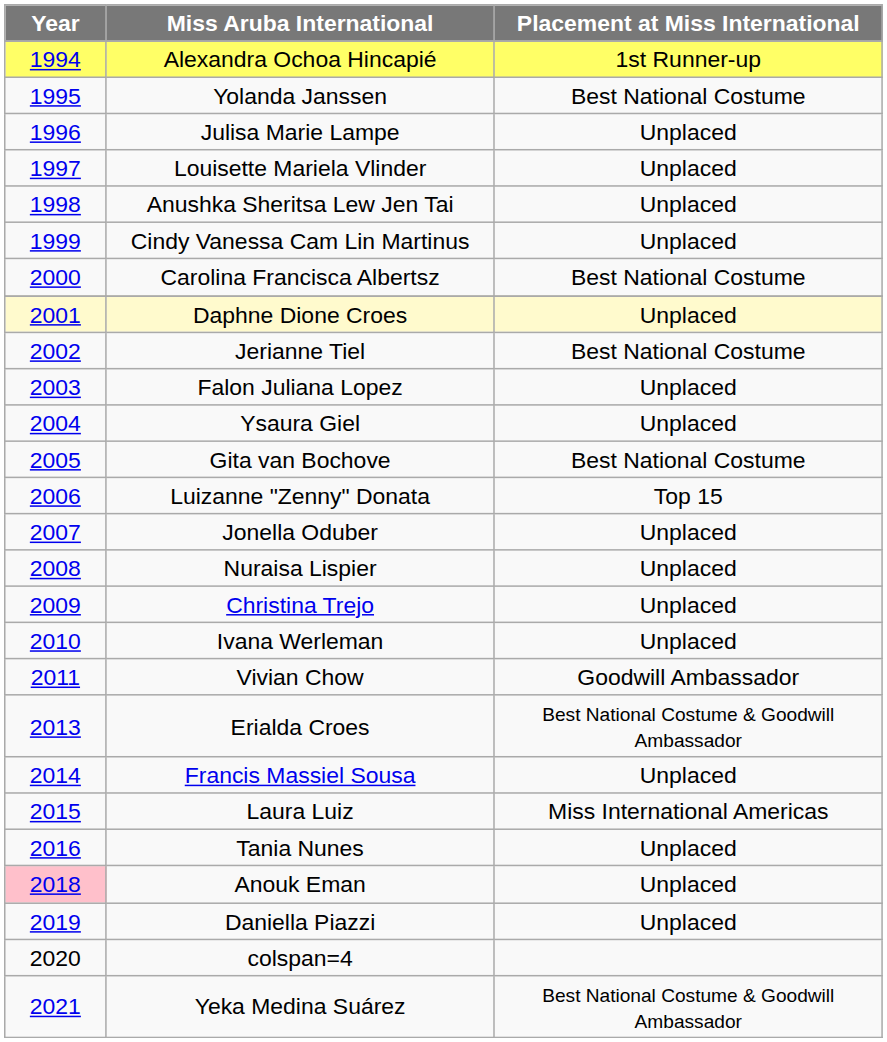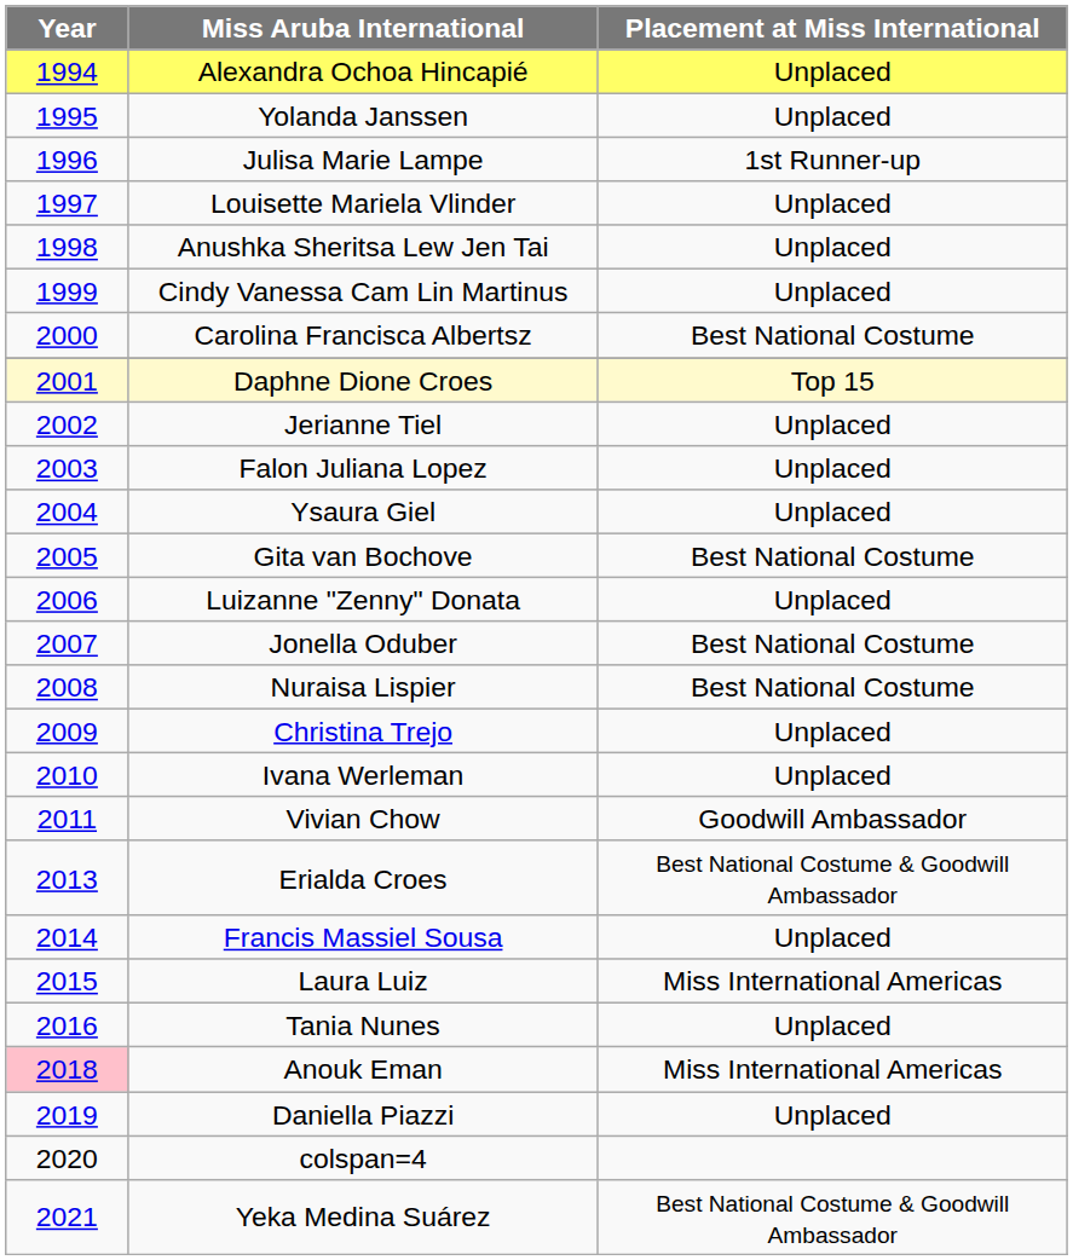 <table class="wikitable sortable" style="font-size: 95%; text-align:center">
 <tr>
 <th width="60" style="background-color:#787878;color:#FFFFFF;">Year</th>
 <th width="250" style="background-color:#787878;color:#FFFFFF;">Miss Aruba International</th>
 <th width="250" style="background-color:#787878;color:#FFFFFF;">Placement at Miss International</th>
 </tr>
 <tr>
 </tr>
 <tr style="background-color:#FFFF66;">
 <td><a href='#'>1994</a></td>
 <td>Alexandra Ochoa Hincapié</td>
-<td>1st Runner-up</td>
+<td>Unplaced</td>
 </tr>
 <tr>
 <td><a href='#'>1995</a></td>
 <td>Yolanda Janssen</td>
-<td>Best National Costume</td>
+<td>Unplaced</td>
 </tr>
 <tr>
 <td><a href='#'>1996</a></td>
 <td>Julisa Marie Lampe</td>
-<td>Unplaced</td>
+<td>1st Runner-up</td>
 </tr>
 <tr>
 <td><a href='#'>1997</a></td>
 <td>Louisette Mariela Vlinder</td>
 <td>Unplaced</td>
 </tr>
 <tr>
 <td><a href='#'>1998</a></td>
 <td>Anushka Sheritsa Lew Jen Tai</td>
 <td>Unplaced</td>
 </tr>
 <tr>
 <td><a href='#'>1999</a></td>
 <td>Cindy Vanessa Cam Lin Martinus</td>
 <td>Unplaced</td>
 </tr>
 <tr>
 <td><a href='#'>2000</a></td>
 <td>Carolina Francisca Albertsz</td>
 <td>Best National Costume</td>
 </tr>
 <tr>
 </tr>
 <tr style="background-color:#FFFACD;">
 <td><a href='#'>2001</a></td>
 <td>Daphne Dione Croes</td>
-<td>Unplaced</td>
+<td>Top 15</td>
 </tr>
 <tr>
 <td><a href='#'>2002</a></td>
 <td>Jerianne Tiel</td>
-<td>Best National Costume</td>
+<td>Unplaced</td>
 </tr>
 <tr>
 <td><a href='#'>2003</a></td>
 <td>Falon Juliana Lopez</td>
 <td>Unplaced</td>
 </tr>
 <tr>
 <td><a href='#'>2004</a></td>
 <td>Ysaura Giel</td>
 <td>Unplaced</td>
 </tr>
 <tr>
 <td><a href='#'>2005</a></td>
 <td>Gita van Bochove</td>
 <td>Best National Costume</td>
 </tr>
 <tr>
 <td><a href='#'>2006</a></td>
 <td>Luizanne "Zenny" Donata</td>
-<td>Top 15</td>
+<td>Unplaced</td>
 </tr>
 <tr>
 <td><a href='#'>2007</a></td>
 <td>Jonella Oduber</td>
-<td>Unplaced</td>
+<td>Best National Costume</td>
 </tr>
 <tr>
 <td><a href='#'>2008</a></td>
 <td>Nuraisa Lispier</td>
-<td>Unplaced</td>
+<td>Best National Costume</td>
 </tr>
 <tr>
 <td><a href='#'>2009</a></td>
 <td><a href='#'>Christina Trejo</a></td>
 <td>Unplaced</td>
 </tr>
 <tr>
 <td><a href='#'>2010</a></td>
 <td>Ivana Werleman</td>
 <td>Unplaced</td>
 </tr>
 <tr>
 <td><a href='#'>2011</a></td>
 <td>Vivian Chow</td>
 <td>Goodwill Ambassador</td>
 </tr>
 <tr>
 <td><a href='#'>2013</a></td>
 <td>Erialda Croes</td>
 <td><small>Best National Costume & Goodwill Ambassador</small></td>
 </tr>
 <tr>
 <td><a href='#'>2014</a></td>
 <td><a href='#'>Francis Massiel Sousa</a></td>
 <td>Unplaced</td>
 </tr>
 <tr>
 <td><a href='#'>2015</a></td>
 <td>Laura Luiz</td>
 <td>Miss International Americas</td>
 </tr>
 <tr>
 <td><a href='#'>2016</a></td>
 <td>Tania Nunes</td>
 <td>Unplaced</td>
 </tr>
 <tr>
 <td style="background: pink;"><a href='#'>2018</a></td>
 <td>Anouk Eman</td>
-<td>Unplaced</td>
+<td>Miss International Americas</td>
 </tr>
 <tr>
 <td><a href='#'>2019</a></td>
 <td>Daniella Piazzi</td>
 <td>Unplaced</td>
 </tr>
 <tr>
 <td>2020</td>
 <td>colspan=4 </td>
 </tr>
 <tr>
 <td><a href='#'>2021</a></td>
 <td>Yeka Medina Suárez</td>
 <td><small>Best National Costume & Goodwill Ambassador</small></td>
 </tr>
 <tr>
 </tr>
 </table>
